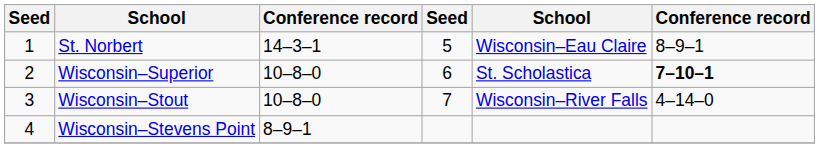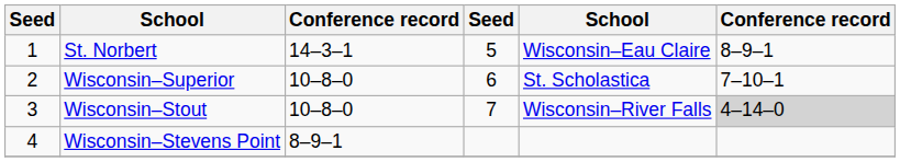 <table class="wikitable">
 <tr>
 <th>Seed</th>
 <th>School</th>
 <th>Conference record</th>
 <th>Seed</th>
 <th>School</th>
 <th>Conference record</th>
 </tr>
 <tr>
 <td align=center>1</td>
 <td><a href='#'>St. Norbert</a></td>
 <td>14–3–1</td>
 <td align=center>5</td>
 <td><a href='#'>Wisconsin–Eau Claire</a></td>
 <td>8–9–1</td>
 </tr>
 <tr>
 <td align=center>2</td>
 <td><a href='#'>Wisconsin–Superior</a></td>
 <td>10–8–0</td>
 <td align=center>6</td>
 <td><a href='#'>St. Scholastica</a></td>
-<td><strong>7–10–1</strong></td>
+<td>7–10–1</td>
 </tr>
 <tr>
 <td align=center>3</td>
 <td><a href='#'>Wisconsin–Stout</a></td>
 <td>10–8–0</td>
 <td align=center>7</td>
 <td><a href='#'>Wisconsin–River Falls</a></td>
-<td>4–14–0</td>
+<td style="background: lightgrey;">4–14–0</td>
 </tr>
 <tr>
 <td align=center>4</td>
 <td><a href='#'>Wisconsin–Stevens Point</a></td>
 <td>8–9–1</td>
 <td align=center></td>
 <td></td>
 <td></td>
 </tr>
 <tr>
 </tr>
 </table>
